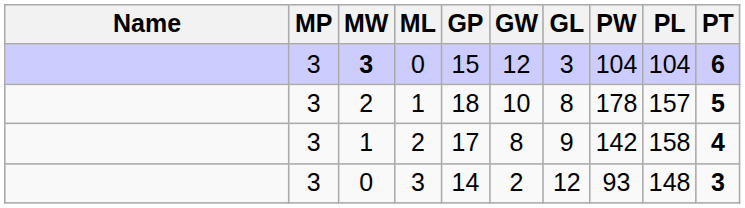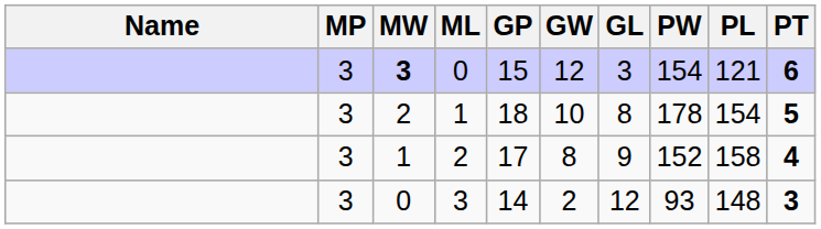 <table class=wikitable style="text-align:center">
 <tr>
 <th width=175>Name</th>
 <th width=20>MP</th>
 <th width=20>MW</th>
 <th width=20>ML</th>
 <th width=20>GP</th>
 <th width=20>GW</th>
 <th width=20>GL</th>
 <th width=20>PW</th>
 <th width=20>PL</th>
 <th width=20>PT</th>
 </tr>
 <tr style="background-color:#ccccff;">
 <td style="text-align:left;"><strong></strong></td>
 <td>3</td>
 <td><strong>3</strong></td>
 <td>0</td>
 <td>15</td>
 <td>12</td>
 <td>3</td>
-<td>104</td>
-<td>104</td>
+<td>154</td>
+<td>121</td>
 <td><strong>6</strong></td>
 </tr>
 <tr>
 <td style="text-align:left;"></td>
 <td>3</td>
 <td>2</td>
 <td>1</td>
 <td>18</td>
 <td>10</td>
 <td>8</td>
 <td>178</td>
-<td>157</td>
+<td>154</td>
 <td><strong>5</strong></td>
 </tr>
 <tr>
 <td style="text-align:left;"></td>
 <td>3</td>
 <td>1</td>
 <td>2</td>
 <td>17</td>
 <td>8</td>
 <td>9</td>
-<td>142</td>
+<td>152</td>
 <td>158</td>
 <td><strong>4</strong></td>
 </tr>
 <tr>
 <td style="text-align:left;"></td>
 <td>3</td>
 <td>0</td>
 <td>3</td>
 <td>14</td>
 <td>2</td>
 <td>12</td>
 <td>93</td>
 <td>148</td>
 <td><strong>3</strong></td>
 </tr>
 </table>
